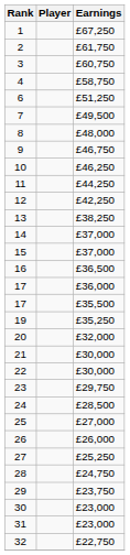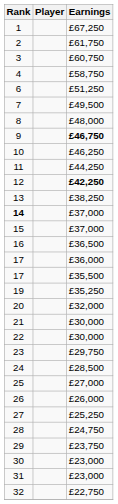 <table class="wikitable">
 <tr>
 <th>Rank</th>
 <th>Player</th>
 <th>Earnings</th>
 </tr>
 <tr>
 <td align=center>1</td>
 <td></td>
 <td>£67,250</td>
 </tr>
 <tr>
 <td align=center>2</td>
 <td></td>
 <td>£61,750</td>
 </tr>
 <tr>
 <td align=center>3</td>
 <td></td>
 <td>£60,750</td>
 </tr>
 <tr>
 <td align=center>4</td>
 <td></td>
 <td>£58,750</td>
 </tr>
 <tr>
 <td align=center>6</td>
 <td></td>
 <td>£51,250</td>
 </tr>
 <tr>
 <td align=center>7</td>
 <td></td>
 <td>£49,500</td>
 </tr>
 <tr>
 <td align=center>8</td>
 <td></td>
 <td>£48,000</td>
 </tr>
 <tr>
 <td align=center>9</td>
 <td></td>
-<td>£46,750</td>
+<td><strong>£46,750</strong></td>
 </tr>
 <tr>
 <td align=center>10</td>
 <td></td>
 <td>£46,250</td>
 </tr>
 <tr>
 <td align=center>11</td>
 <td></td>
 <td>£44,250</td>
 </tr>
 <tr>
 <td align=center>12</td>
 <td></td>
-<td>£42,250</td>
+<td><strong>£42,250</strong></td>
 </tr>
 <tr>
 <td align=center>13</td>
 <td></td>
 <td>£38,250</td>
 </tr>
 <tr>
-<td align=center>14</td>
+<td align=center><strong>14</strong></td>
 <td></td>
 <td>£37,000</td>
 </tr>
 <tr>
 <td align=center>15</td>
 <td></td>
 <td>£37,000</td>
 </tr>
 <tr>
 <td align=center>16</td>
 <td></td>
 <td>£36,500</td>
 </tr>
 <tr>
 <td align=center>17</td>
 <td></td>
 <td>£36,000</td>
 </tr>
 <tr>
 <td align=center>17</td>
 <td></td>
 <td>£35,500</td>
 </tr>
 <tr>
 <td align=center>19</td>
 <td></td>
 <td>£35,250</td>
 </tr>
 <tr>
 <td align=center>20</td>
 <td></td>
 <td>£32,000</td>
 </tr>
 <tr>
 <td align=center>21</td>
 <td></td>
 <td>£30,000</td>
 </tr>
 <tr>
 <td align=center>22</td>
 <td></td>
 <td>£30,000</td>
 </tr>
 <tr>
 <td align=center>23</td>
 <td></td>
 <td>£29,750</td>
 </tr>
 <tr>
 <td align=center>24</td>
 <td></td>
 <td>£28,500</td>
 </tr>
 <tr>
 <td align=center>25</td>
 <td></td>
 <td>£27,000</td>
 </tr>
 <tr>
 <td align=center>26</td>
 <td></td>
 <td>£26,000</td>
 </tr>
 <tr>
 <td align=center>27</td>
 <td></td>
 <td>£25,250</td>
 </tr>
 <tr>
 <td align=center>28</td>
 <td></td>
 <td>£24,750</td>
 </tr>
 <tr>
 <td align=center>29</td>
 <td></td>
 <td>£23,750</td>
 </tr>
 <tr>
 <td align=center>30</td>
 <td></td>
 <td>£23,000</td>
 </tr>
 <tr>
 <td align=center>31</td>
 <td></td>
 <td>£23,000</td>
 </tr>
 <tr>
 <td align=center>32</td>
 <td></td>
 <td>£22,750</td>
 </tr>
 <tr>
 </tr>
 </table>
